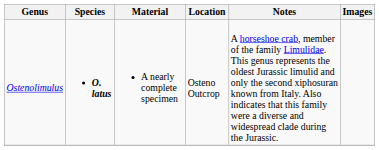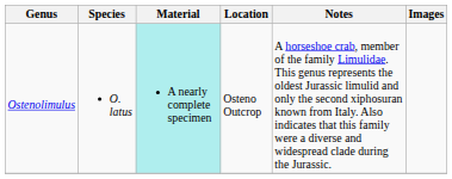 <table class="wikitable" align="center">
 <tr>
 <th>Genus</th>
 <th>Species</th>
 <th>Material</th>
 <th>Location</th>
 <th>Notes</th>
 <th>Images</th>
 </tr>
 <tr>
 <td><br><em><a href='#'>Ostenolimulus</a></em></td>
-<td><strong><br><ul><li><em>O. latus</em></li></ul></strong></td>
-<td><br><ul><li>A nearly complete specimen</li></ul></td>
+<td><br><ul><li><em>O. latus</em></li></ul></td>
+<td style="background: paleturquoise;"><br><ul><li>A nearly complete specimen</li></ul></td>
 <td><br>Osteno Outcrop</td>
 <td><br>A <a href='#'>horseshoe crab</a>, member of the family <a href='#'>Limulidae</a>. This genus represents the oldest Jurassic limulid and only the second xiphosuran known from Italy. Also indicates that this family were a diverse and widespread clade during the Jurassic.</td>
 <td></td>
 </tr>
 <tr>
 </tr>
 </table>
